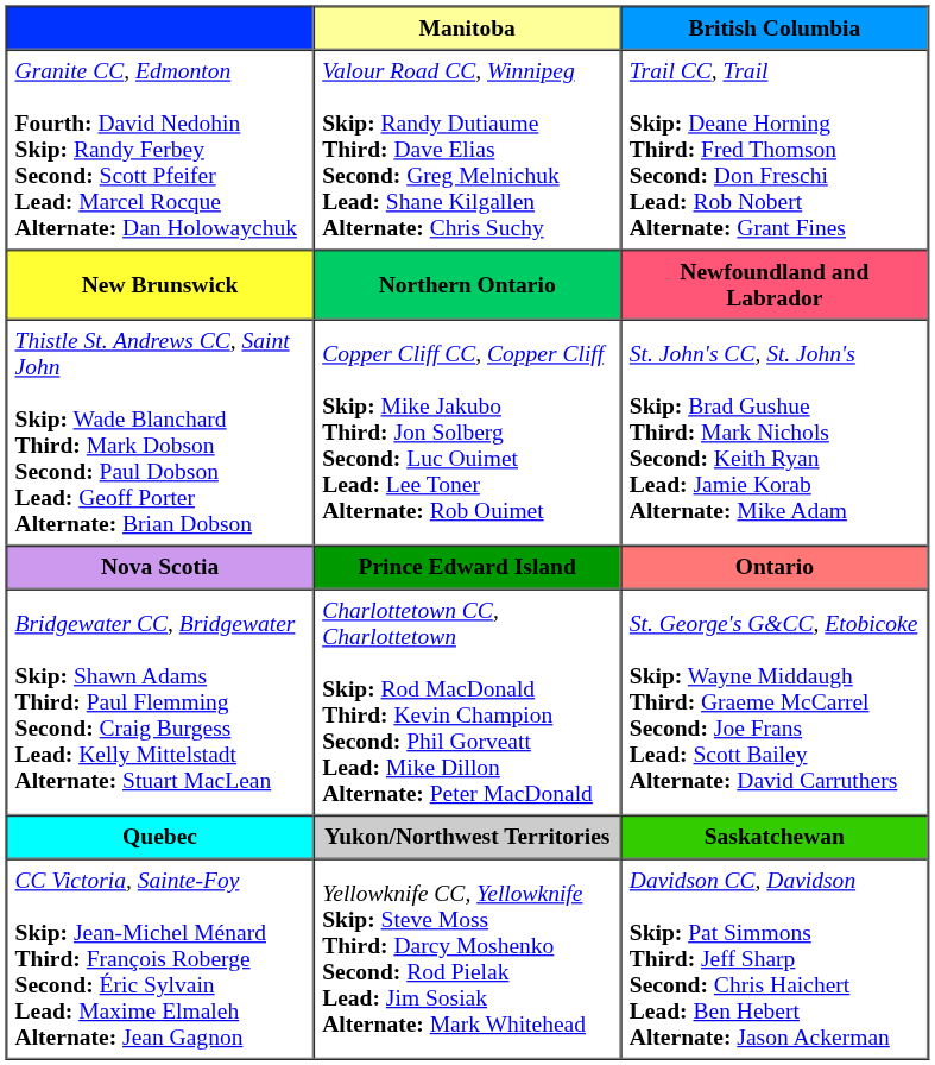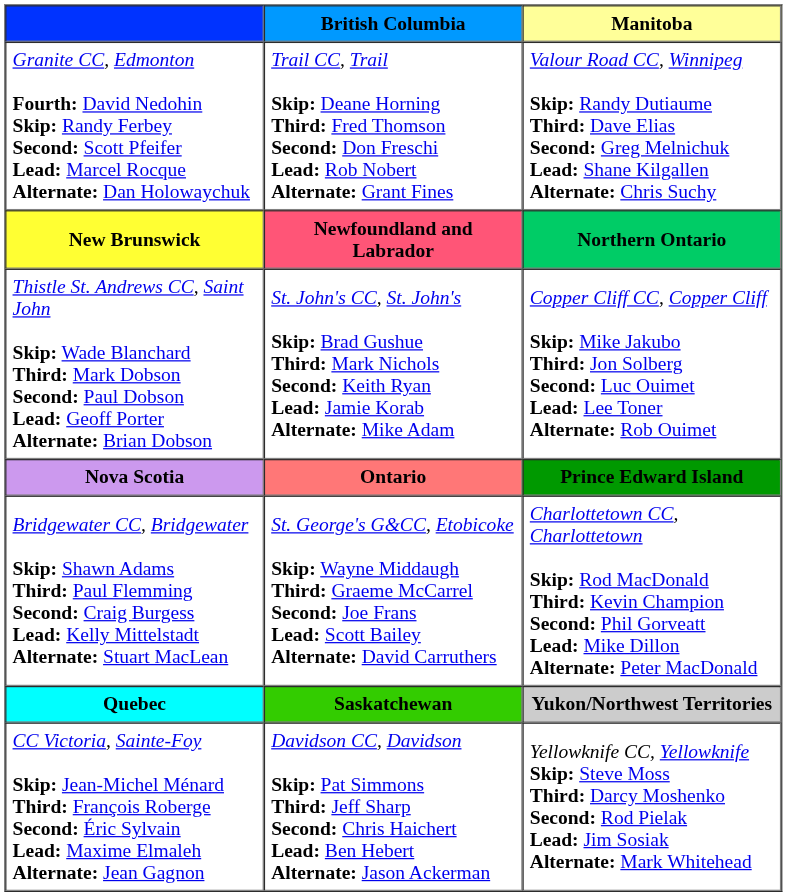 <table border=1 cellpadding=5 cellspacing=0>
 <tr>
 <th style="background:#03f; width:200px;"></th>
+<th style="background:#09f; width:200px;">British Columbia</th>
 <th style="background:#ff9; width:200px;">Manitoba</th>
-<th style="background:#09f; width:200px;">British Columbia</th>
 </tr>
 <tr align=center>
 <td align=left><em><a href='#'>Granite CC</a>, <a href='#'>Edmonton</a></em> <br><br><strong>Fourth:</strong> <a href='#'>David Nedohin</a> <br> <strong>Skip:</strong> <a href='#'>Randy Ferbey</a> <br> <strong>Second:</strong> <a href='#'>Scott Pfeifer</a> <br> <strong>Lead:</strong> <a href='#'>Marcel Rocque</a> <br> <strong>Alternate:</strong> <a href='#'>Dan Holowaychuk</a></td>
+<td align=left><em><a href='#'>Trail CC</a>, <a href='#'>Trail</a></em> <br><br><strong>Skip:</strong> <a href='#'>Deane Horning</a> <br> <strong>Third:</strong> <a href='#'>Fred Thomson</a> <br> <strong>Second:</strong> <a href='#'>Don Freschi</a> <br> <strong>Lead:</strong> <a href='#'>Rob Nobert</a> <br> <strong>Alternate:</strong> <a href='#'>Grant Fines</a></td>
 <td align=left><em><a href='#'>Valour Road CC</a>, <a href='#'>Winnipeg</a></em> <br><br><strong>Skip:</strong> <a href='#'>Randy Dutiaume</a> <br> <strong>Third:</strong> <a href='#'>Dave Elias</a> <br> <strong>Second:</strong> <a href='#'>Greg Melnichuk</a> <br> <strong>Lead:</strong> <a href='#'>Shane Kilgallen</a> <br> <strong>Alternate:</strong> <a href='#'>Chris Suchy</a></td>
-<td align=left><em><a href='#'>Trail CC</a>, <a href='#'>Trail</a></em> <br><br><strong>Skip:</strong> <a href='#'>Deane Horning</a> <br> <strong>Third:</strong> <a href='#'>Fred Thomson</a> <br> <strong>Second:</strong> <a href='#'>Don Freschi</a> <br> <strong>Lead:</strong> <a href='#'>Rob Nobert</a> <br> <strong>Alternate:</strong> <a href='#'>Grant Fines</a></td>
 </tr>
 <tr border=1 cellpadding=5 cellspacing=0>
 <th style="background:#ff3; width:200px;">New Brunswick</th>
+<th style="background:#f57; width:200px;">Newfoundland and Labrador</th>
 <th style="background:#0c6; width:200px;">Northern Ontario</th>
-<th style="background:#f57; width:200px;">Newfoundland and Labrador</th>
 </tr>
 <tr align=center>
 <td align=left><em><a href='#'>Thistle St. Andrews CC</a>, <a href='#'>Saint John</a></em> <br><br><strong>Skip:</strong> <a href='#'>Wade Blanchard</a> <br> <strong>Third:</strong> <a href='#'>Mark Dobson</a> <br> <strong>Second:</strong> <a href='#'>Paul Dobson</a> <br> <strong>Lead:</strong> <a href='#'>Geoff Porter</a> <br> <strong>Alternate:</strong> <a href='#'>Brian Dobson</a></td>
+<td align=left><em><a href='#'>St. John's CC</a>, <a href='#'>St. John's</a></em> <br><br><strong>Skip:</strong> <a href='#'>Brad Gushue</a> <br> <strong>Third:</strong> <a href='#'>Mark Nichols</a> <br> <strong>Second:</strong> <a href='#'>Keith Ryan</a> <br> <strong>Lead:</strong> <a href='#'>Jamie Korab</a> <br> <strong>Alternate:</strong> <a href='#'>Mike Adam</a></td>
 <td align=left><em><a href='#'>Copper Cliff CC</a>, <a href='#'>Copper Cliff</a></em> <br><br><strong>Skip:</strong> <a href='#'>Mike Jakubo</a> <br> <strong>Third:</strong> <a href='#'>Jon Solberg</a> <br> <strong>Second:</strong> <a href='#'>Luc Ouimet</a> <br> <strong>Lead:</strong> <a href='#'>Lee Toner</a> <br> <strong>Alternate:</strong> <a href='#'>Rob Ouimet</a></td>
-<td align=left><em><a href='#'>St. John's CC</a>, <a href='#'>St. John's</a></em> <br><br><strong>Skip:</strong> <a href='#'>Brad Gushue</a> <br> <strong>Third:</strong> <a href='#'>Mark Nichols</a> <br> <strong>Second:</strong> <a href='#'>Keith Ryan</a> <br> <strong>Lead:</strong> <a href='#'>Jamie Korab</a> <br> <strong>Alternate:</strong> <a href='#'>Mike Adam</a></td>
 </tr>
 <tr border=1 cellpadding=5 cellspacing=0>
 <th style="background:#c9e; width:200px;">Nova Scotia</th>
+<th style="background:#f77; width:200px;">Ontario</th>
 <th style="background:#090; width:200px;">Prince Edward Island</th>
-<th style="background:#f77; width:200px;">Ontario</th>
 </tr>
 <tr align=center>
 <td align=left><em><a href='#'>Bridgewater CC</a>, <a href='#'>Bridgewater</a></em> <br><br><strong>Skip:</strong> <a href='#'>Shawn Adams</a> <br> <strong>Third:</strong> <a href='#'>Paul Flemming</a> <br> <strong>Second:</strong> <a href='#'>Craig Burgess</a> <br> <strong>Lead:</strong> <a href='#'>Kelly Mittelstadt</a> <br> <strong>Alternate:</strong> <a href='#'>Stuart MacLean</a></td>
+<td align=left><em><a href='#'>St. George's G&CC</a>, <a href='#'>Etobicoke</a></em> <br><br><strong>Skip:</strong> <a href='#'>Wayne Middaugh</a> <br> <strong>Third:</strong> <a href='#'>Graeme McCarrel</a> <br> <strong>Second:</strong> <a href='#'>Joe Frans</a> <br> <strong>Lead:</strong> <a href='#'>Scott Bailey</a> <br> <strong>Alternate:</strong> <a href='#'>David Carruthers</a></td>
 <td align=left><em><a href='#'>Charlottetown CC</a>, <a href='#'>Charlottetown</a></em> <br><br><strong>Skip:</strong> <a href='#'>Rod MacDonald</a> <br> <strong>Third:</strong> <a href='#'>Kevin Champion</a> <br> <strong>Second:</strong> <a href='#'>Phil Gorveatt</a> <br> <strong>Lead:</strong> <a href='#'>Mike Dillon</a> <br> <strong>Alternate:</strong> <a href='#'>Peter MacDonald</a></td>
-<td align=left><em><a href='#'>St. George's G&CC</a>, <a href='#'>Etobicoke</a></em> <br><br><strong>Skip:</strong> <a href='#'>Wayne Middaugh</a> <br> <strong>Third:</strong> <a href='#'>Graeme McCarrel</a> <br> <strong>Second:</strong> <a href='#'>Joe Frans</a> <br> <strong>Lead:</strong> <a href='#'>Scott Bailey</a> <br> <strong>Alternate:</strong> <a href='#'>David Carruthers</a></td>
 </tr>
 <tr border=1 cellpadding=5 cellspacing=0>
 <th style="background:#0ff; width:200px;">Quebec</th>
+<th style="background:#3c0; width:200px;">Saskatchewan</th>
 <th style="background:#ccc; width:200px;">Yukon/Northwest Territories</th>
-<th style="background:#3c0; width:200px;">Saskatchewan</th>
 </tr>
 <tr align=center>
 <td align=left><em><a href='#'>CC Victoria</a>, <a href='#'>Sainte-Foy</a></em> <br><br><strong>Skip:</strong> <a href='#'>Jean-Michel Ménard</a> <br> <strong>Third:</strong> <a href='#'>François Roberge</a> <br> <strong>Second:</strong> <a href='#'>Éric Sylvain</a> <br> <strong>Lead:</strong> <a href='#'>Maxime Elmaleh</a> <br> <strong>Alternate:</strong> <a href='#'>Jean Gagnon</a></td>
+<td align=left><em><a href='#'>Davidson CC</a>, <a href='#'>Davidson</a></em> <br><br><strong>Skip:</strong> <a href='#'>Pat Simmons</a> <br> <strong>Third:</strong> <a href='#'>Jeff Sharp</a> <br> <strong>Second:</strong> <a href='#'>Chris Haichert</a> <br> <strong>Lead:</strong> <a href='#'>Ben Hebert</a> <br> <strong>Alternate:</strong> <a href='#'>Jason Ackerman</a></td>
 <td align=left><em>Yellowknife CC, <a href='#'>Yellowknife</a></em><br><strong>Skip:</strong> <a href='#'>Steve Moss</a> <br> <strong>Third:</strong> <a href='#'>Darcy Moshenko</a> <br> <strong>Second:</strong> <a href='#'>Rod Pielak</a> <br> <strong>Lead:</strong> <a href='#'>Jim Sosiak</a> <br> <strong>Alternate:</strong> <a href='#'>Mark Whitehead</a></td>
-<td align=left><em><a href='#'>Davidson CC</a>, <a href='#'>Davidson</a></em> <br><br><strong>Skip:</strong> <a href='#'>Pat Simmons</a> <br> <strong>Third:</strong> <a href='#'>Jeff Sharp</a> <br> <strong>Second:</strong> <a href='#'>Chris Haichert</a> <br> <strong>Lead:</strong> <a href='#'>Ben Hebert</a> <br> <strong>Alternate:</strong> <a href='#'>Jason Ackerman</a></td>
 </tr>
 </table>
